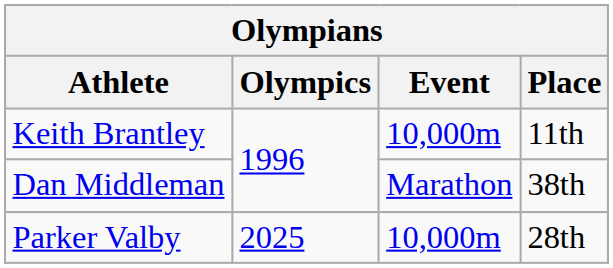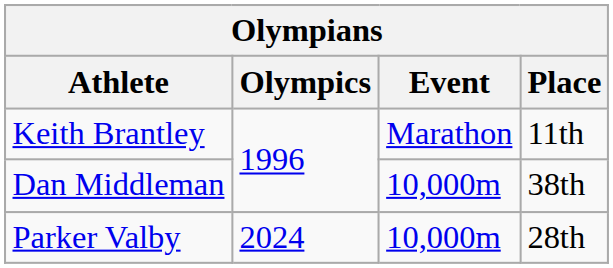 <table class="wikitable">
 <tr>
 <th colspan="4">Olympians</th>
 </tr>
 <tr>
 <th scope="col">Athlete</th>
 <th scope="col">Olympics</th>
 <th scope="col">Event</th>
 <th scope="col">Place</th>
 </tr>
 <tr>
 <td><a href='#'>Keith Brantley</a> <small></small></td>
 <td rowspan="2"><a href='#'>1996</a></td>
-<td><a href='#'>10,000m</a></td>
+<td><a href='#'>Marathon</a></td>
 <td>11th</td>
 </tr>
 <tr>
 <td><a href='#'>Dan Middleman</a> <small></small></td>
-<td><a href='#'>Marathon</a></td>
+<td><a href='#'>10,000m</a></td>
 <td>38th</td>
 </tr>
 <tr>
 <td><a href='#'>Parker Valby</a> <small></small></td>
-<td><a href='#'>2025</a></td>
+<td><a href='#'>2024</a></td>
 <td><a href='#'>10,000m</a></td>
 <td>28th</td>
 </tr>
 </table>
